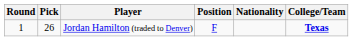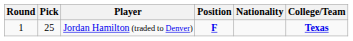 <table class="wikitable sortable sortable">
 <tr>
 <th>Round</th>
 <th>Pick</th>
 <th>Player</th>
 <th>Position</th>
 <th>Nationality</th>
 <th>College/Team</th>
 </tr>
 <tr style="text-align: center">
 <td>1</td>
-<td>26</td>
+<td>25</td>
 <td><a href='#'>Jordan Hamilton</a><small> (traded to <a href='#'>Denver</a>)</small></td>
-<td><a href='#'>F</a></td>
+<td><strong><a href='#'>F</a></strong></td>
 <td></td>
 <td><strong><a href='#'>Texas</a></strong></td>
 </tr>
 </table>
